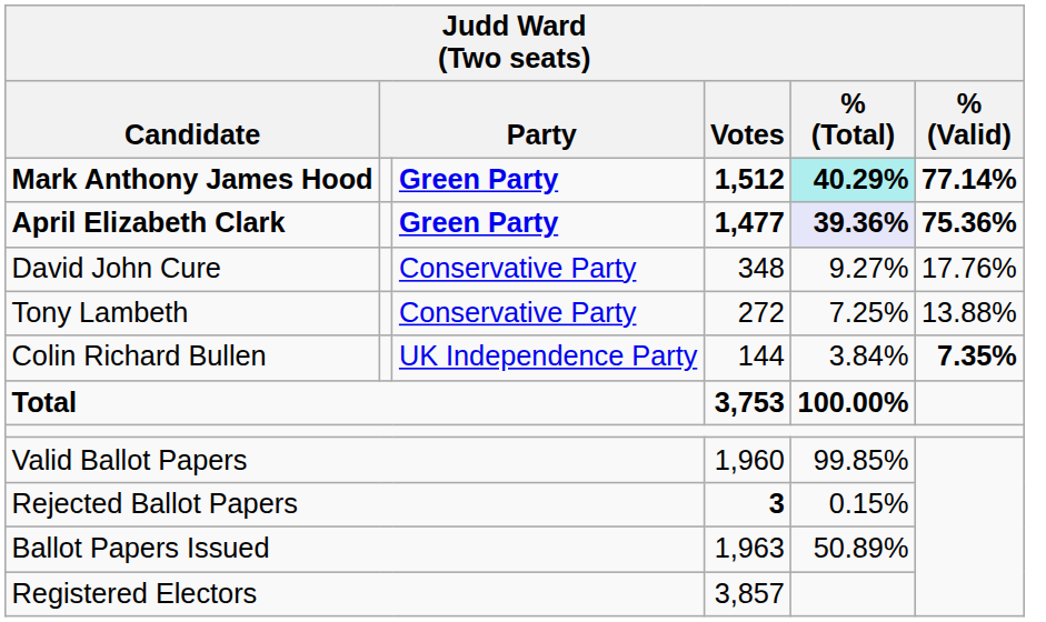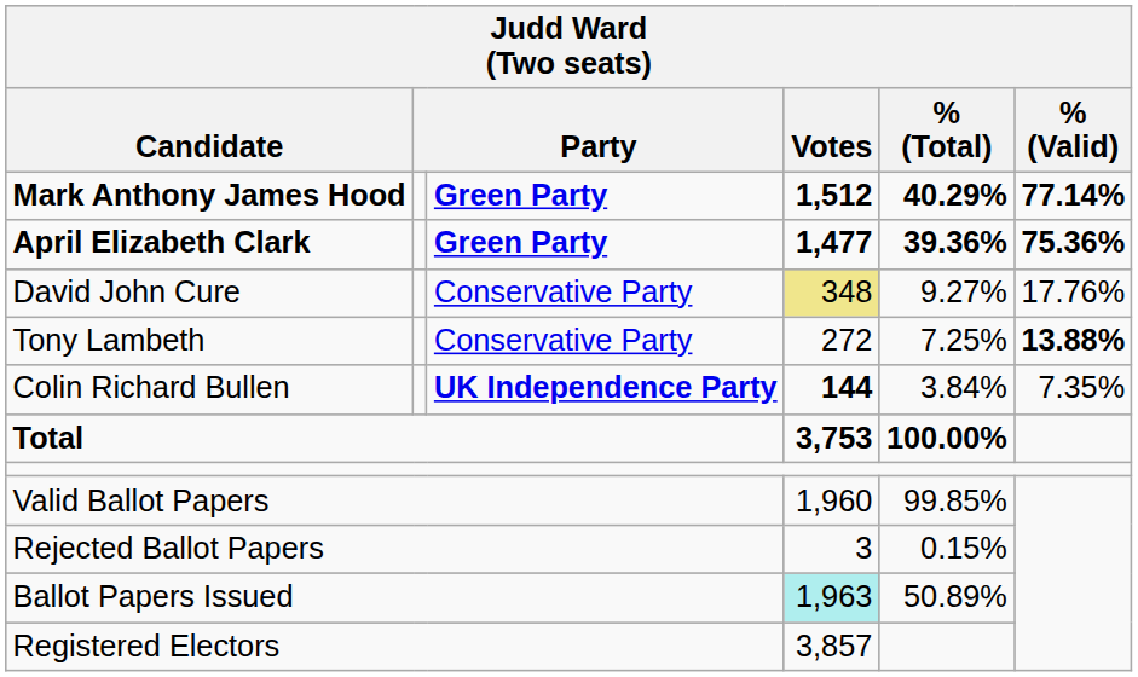 <table class="wikitable" border="1" style="text-align:right; font-size:100%">
 <tr>
 <th align=center colspan=6>Judd Ward<br>(Two seats)</th>
 </tr>
 <tr>
 <th valign=bottom>Candidate</th>
 <th valign=bottom colspan=2>Party</th>
 <th valign=bottom>Votes</th>
 <th>%<br>(Total)</th>
 <th>%<br>(Valid)</th>
 </tr>
 <tr>
 <td align=left><strong>Mark Anthony James Hood</strong></td>
 <td style="background:"></td>
 <td align=left><strong><a href='#'>Green Party</a></strong></td>
 <td><strong>1,512</strong></td>
-<td style="background: paleturquoise;"><strong>40.29%</strong></td>
+<td><strong>40.29%</strong></td>
 <td><strong>77.14%</strong></td>
 </tr>
 <tr>
 <td align=left><strong>April Elizabeth Clark</strong></td>
 <td style="background:"></td>
 <td align=left><strong><a href='#'>Green Party</a></strong></td>
 <td><strong>1,477</strong></td>
-<td style="background: lavender;"><strong>39.36%</strong></td>
+<td><strong>39.36%</strong></td>
 <td><strong>75.36%</strong></td>
 </tr>
 <tr>
 <td align=left>David John Cure</td>
 <td style="background:"></td>
 <td align=left><a href='#'>Conservative Party</a></td>
-<td>348</td>
+<td style="background: khaki;">348</td>
 <td>9.27%</td>
 <td>17.76%</td>
 </tr>
 <tr>
 <td align=left>Tony Lambeth</td>
 <td style="background:"></td>
 <td align=left><a href='#'>Conservative Party</a></td>
 <td>272</td>
 <td>7.25%</td>
-<td>13.88%</td>
+<td><strong>13.88%</strong></td>
 </tr>
 <tr>
 <td align=left>Colin Richard Bullen</td>
 <td style="background:"></td>
-<td align=left><a href='#'>UK Independence Party</a></td>
-<td>144</td>
+<td align=left><strong><a href='#'>UK Independence Party</a></strong></td>
+<td><strong>144</strong></td>
 <td>3.84%</td>
-<td><strong>7.35%</strong></td>
+<td>7.35%</td>
 </tr>
 <tr style="font-weight:bold">
 <td align=left colspan=3>Total</td>
 <td>3,753</td>
 <td>100.00%</td>
 <td></td>
 </tr>
 <tr>
 <td align=left colspan=6></td>
 </tr>
 <tr>
 <td align=left colspan=3>Valid Ballot Papers</td>
 <td>1,960</td>
 <td>99.85%</td>
 <td rowspan=4></td>
 </tr>
 <tr>
 <td align=left colspan=3>Rejected Ballot Papers</td>
-<td><strong>3</strong></td>
+<td>3</td>
 <td>0.15%</td>
 </tr>
 <tr>
 <td align=left colspan=3>Ballot Papers Issued</td>
-<td>1,963</td>
+<td style="background: paleturquoise;">1,963</td>
 <td>50.89%</td>
 </tr>
 <tr>
 <td align=left colspan=3>Registered Electors</td>
 <td>3,857</td>
 <td></td>
 </tr>
 </table>
